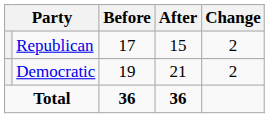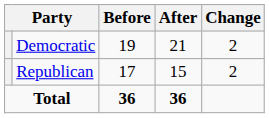 <table class="wikitable" style="text-align:center;">
 <tr>
 <th colspan="2">Party</th>
 <th>Before</th>
 <th>After</th>
 <th>Change</th>
 </tr>
 <tr>
 <th style="background-color:"></th>
-<td style="text-align:left;"><a href='#'>Republican</a></td>
-<td>17</td>
-<td>15</td>
+<td style="text-align:left;"><a href='#'>Democratic</a></td>
+<td>19</td>
+<td>21</td>
 <td> 2</td>
 </tr>
 <tr>
 <th style="background-color:"></th>
-<td style="text-align:left;"><a href='#'>Democratic</a></td>
-<td>19</td>
-<td>21</td>
+<td style="text-align:left;"><a href='#'>Republican</a></td>
+<td>17</td>
+<td>15</td>
 <td> 2</td>
 </tr>
 <tr>
 <td colspan="2"><strong>Total</strong></td>
 <td><strong>36</strong></td>
 <td><strong>36</strong></td>
 <td></td>
 </tr>
 </table>
